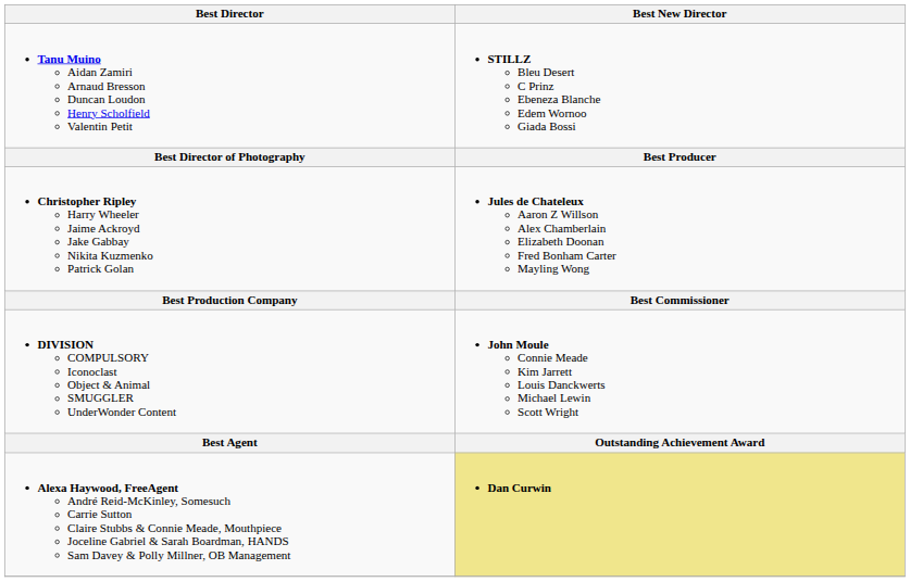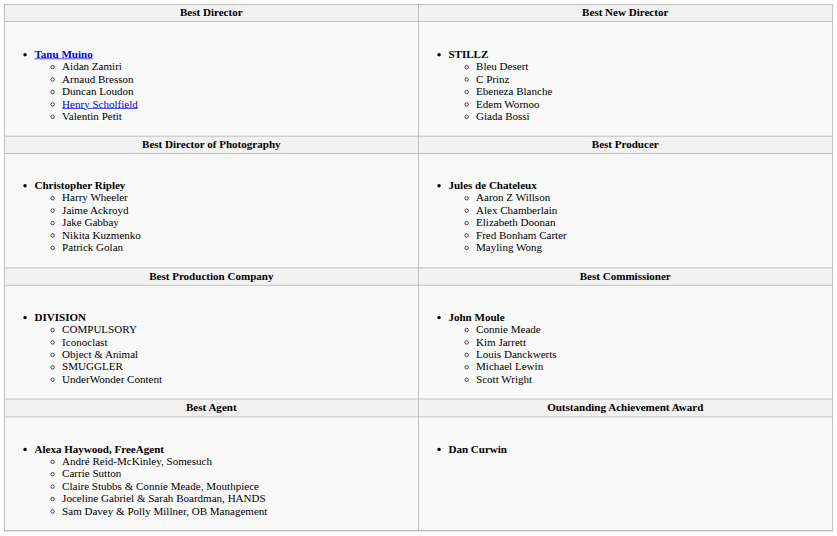 <table class="wikitable" style="width:95%">
 <tr bgcolor="#bebebe">
 <th width="50%">Best Director</th>
 <th width="50%">Best New Director</th>
 </tr>
 <tr>
 <td valign="top"><br><ul><li><strong><a href='#'>Tanu Muino</a></strong><ul><li>Aidan Zamiri</li><li>Arnaud Bresson</li><li>Duncan Loudon</li><li><a href='#'>Henry Scholfield</a></li><li>Valentin Petit</li></ul></li></ul></td>
 <td valign="top"><br><ul><li><strong>STILLZ</strong><ul><li>Bleu Desert</li><li>C Prinz</li><li>Ebeneza Blanche</li><li>Edem Wornoo</li><li>Giada Bossi</li></ul></li></ul></td>
 </tr>
 <tr>
 <th width="50%">Best Director of Photography</th>
 <th width="50%">Best Producer</th>
 </tr>
 <tr>
 <td valign="top"><br><ul><li><strong>Christopher Ripley</strong><ul><li>Harry Wheeler</li><li>Jaime Ackroyd</li><li>Jake Gabbay</li><li>Nikita Kuzmenko</li><li>Patrick Golan</li></ul></li></ul></td>
 <td valign="top"><br><ul><li><strong>Jules de Chateleux</strong><ul><li>Aaron Z Willson</li><li>Alex Chamberlain</li><li>Elizabeth Doonan</li><li>Fred Bonham Carter</li><li>Mayling Wong</li></ul></li></ul></td>
 </tr>
 <tr>
 <th width="50%">Best Production Company</th>
 <th width="50%">Best Commissioner</th>
 </tr>
 <tr>
 <td valign="top"><br><ul><li><strong>DIVISION</strong><ul><li>COMPULSORY</li><li>Iconoclast</li><li>Object & Animal</li><li>SMUGGLER</li><li>UnderWonder Content</li></ul></li></ul></td>
 <td valign="top"><br><ul><li><strong>John Moule</strong><ul><li>Connie Meade</li><li>Kim Jarrett</li><li>Louis Danckwerts</li><li>Michael Lewin</li><li>Scott Wright</li></ul></li></ul></td>
 </tr>
 <tr>
 <th width="50%">Best Agent</th>
 <th width="50%">Outstanding Achievement Award</th>
 </tr>
 <tr>
 <td valign="top"><br><ul><li><strong>Alexa Haywood, FreeAgent</strong><ul><li>André Reid-McKinley, Somesuch</li><li>Carrie Sutton</li><li>Claire Stubbs & Connie Meade, Mouthpiece</li><li>Joceline Gabriel & Sarah Boardman, HANDS</li><li>Sam Davey & Polly Millner, OB Management</li></ul></li></ul></td>
-<td valign="top" style="background: khaki;"><br><ul><li><strong>Dan Curwin</strong></li></ul></td>
+<td valign="top"><br><ul><li><strong>Dan Curwin</strong></li></ul></td>
 </tr>
 <tr>
 </tr>
 </table>
